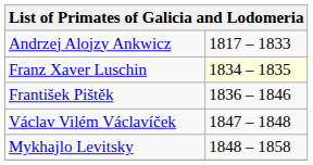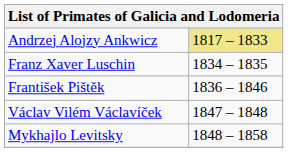 <table class="wikitable">
 <tr>
 <th colspan=3>List of Primates of Galicia and Lodomeria</th>
 </tr>
 <tr>
 <td><a href='#'>Andrzej Alojzy Ankwicz</a></td>
-<td>1817 – 1833</td>
+<td style="background: khaki;">1817 – 1833</td>
 </tr>
 <tr>
 <td><a href='#'>Franz Xaver Luschin</a></td>
-<td style="background: lightyellow;">1834 – 1835</td>
+<td>1834 – 1835</td>
 </tr>
 <tr>
 <td><a href='#'>František Pištěk</a></td>
 <td>1836 – 1846</td>
 </tr>
 <tr>
 <td><a href='#'>Václav Vilém Václavíček</a></td>
 <td>1847 – 1848</td>
 </tr>
 <tr>
 <td><a href='#'>Mykhajlo Levitsky</a></td>
 <td>1848 – 1858</td>
 </tr>
 <tr>
 </tr>
 </table>
